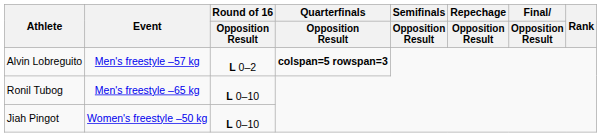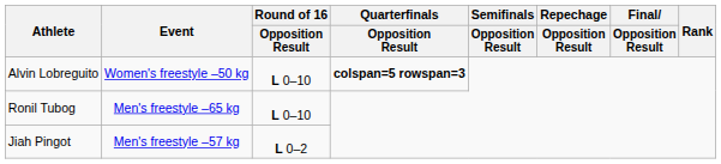 <table class=wikitable style="text-align:center; font-size:90%">
 <tr>
 <th rowspan=2>Athlete</th>
 <th rowspan=2>Event</th>
 <th>Round of 16</th>
 <th>Quarterfinals</th>
 <th>Semifinals</th>
 <th>Repechage</th>
 <th>Final/</th>
 <th rowspan=2>Rank</th>
 </tr>
 <tr style="font-size:95%">
 <th>Opposition<br>Result</th>
 <th>Opposition<br>Result</th>
 <th>Opposition<br>Result</th>
 <th>Opposition<br>Result</th>
 <th>Opposition<br>Result</th>
 </tr>
 <tr>
 <td align=left>Alvin Lobreguito</td>
-<td><a href='#'>Men's freestyle –57 kg</a></td>
-<td> <br> <strong>L</strong> 0–2</td>
+<td><a href='#'>Women's freestyle –50 kg</a></td>
+<td> <br> <strong>L</strong> 0–10</td>
 <td><strong>colspan=5 rowspan=3 </strong></td>
 </tr>
 <tr>
 <td align=left>Ronil Tubog</td>
 <td><a href='#'>Men's freestyle –65 kg</a></td>
 <td> <br> <strong>L</strong> 0–10</td>
 </tr>
 <tr>
 <td align=left>Jiah Pingot</td>
-<td><a href='#'>Women's freestyle –50 kg</a></td>
-<td> <br> <strong>L</strong> 0–10</td>
+<td><a href='#'>Men's freestyle –57 kg</a></td>
+<td> <br> <strong>L</strong> 0–2</td>
 </tr>
 </table>
